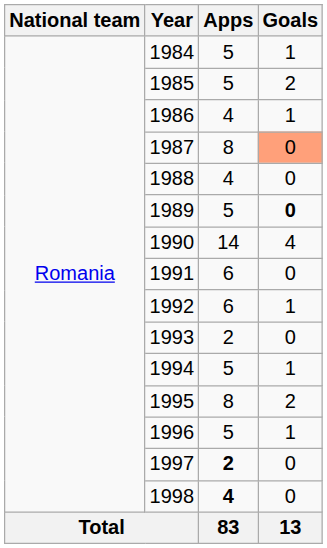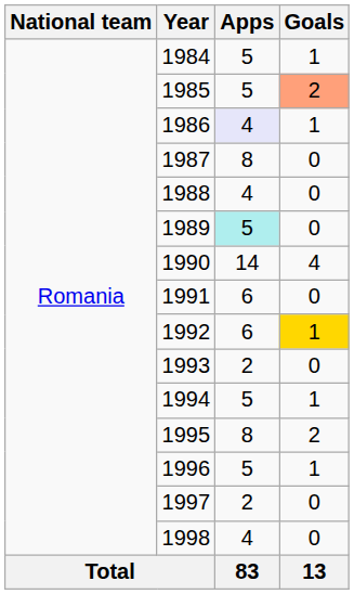 <table class="wikitable" style="text-align:center">
 <tr>
 <th>National team</th>
 <th>Year</th>
 <th>Apps</th>
 <th>Goals</th>
 </tr>
 <tr>
 <td rowspan="15"><a href='#'>Romania</a></td>
 <td>1984</td>
 <td>5</td>
 <td>1</td>
 </tr>
 <tr>
 <td>1985</td>
 <td>5</td>
-<td>2</td>
+<td style="background: lightsalmon;">2</td>
 </tr>
 <tr>
 <td>1986</td>
-<td>4</td>
+<td style="background: lavender;">4</td>
 <td>1</td>
 </tr>
 <tr>
 <td>1987</td>
 <td>8</td>
-<td style="background: lightsalmon;">0</td>
+<td>0</td>
 </tr>
 <tr>
 <td>1988</td>
 <td>4</td>
 <td>0</td>
 </tr>
 <tr>
 <td>1989</td>
-<td>5</td>
-<td><strong>0</strong></td>
+<td style="background: paleturquoise;">5</td>
+<td>0</td>
 </tr>
 <tr>
 <td>1990</td>
 <td>14</td>
 <td>4</td>
 </tr>
 <tr>
 <td>1991</td>
 <td>6</td>
 <td>0</td>
 </tr>
 <tr>
 <td>1992</td>
 <td>6</td>
-<td>1</td>
+<td style="background: gold;">1</td>
 </tr>
 <tr>
 <td>1993</td>
 <td>2</td>
 <td>0</td>
 </tr>
 <tr>
 <td>1994</td>
 <td>5</td>
 <td>1</td>
 </tr>
 <tr>
 <td>1995</td>
 <td>8</td>
 <td>2</td>
 </tr>
 <tr>
 <td>1996</td>
 <td>5</td>
 <td>1</td>
 </tr>
 <tr>
 <td>1997</td>
-<td><strong>2</strong></td>
+<td>2</td>
 <td>0</td>
 </tr>
 <tr>
 <td>1998</td>
-<td><strong>4</strong></td>
+<td>4</td>
 <td>0</td>
 </tr>
 <tr>
 <th colspan="2">Total</th>
 <th>83</th>
 <th>13</th>
 </tr>
 </table>
